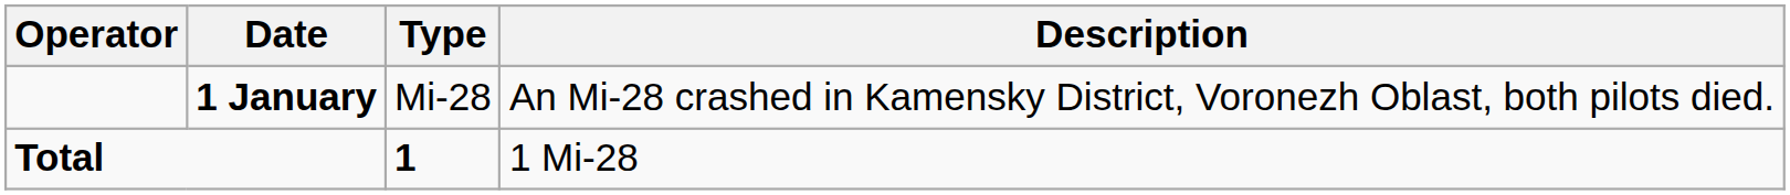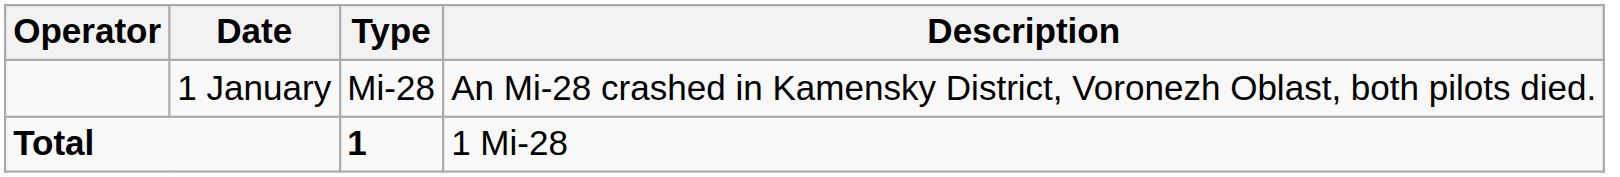 <table class="wikitable">
 <tr>
 <th>Operator</th>
 <th>Date</th>
 <th>Type</th>
 <th>Description</th>
 </tr>
 <tr>
 <td></td>
-<td><strong>1 January</strong></td>
+<td>1 January</td>
 <td>Mi-28</td>
 <td>An Mi-28 crashed in Kamensky District, Voronezh Oblast, both pilots died.</td>
 </tr>
 <tr>
 <td colspan="2"><strong>Total</strong></td>
 <td><strong>1</strong></td>
 <td>1 Mi-28</td>
 </tr>
 </table>
